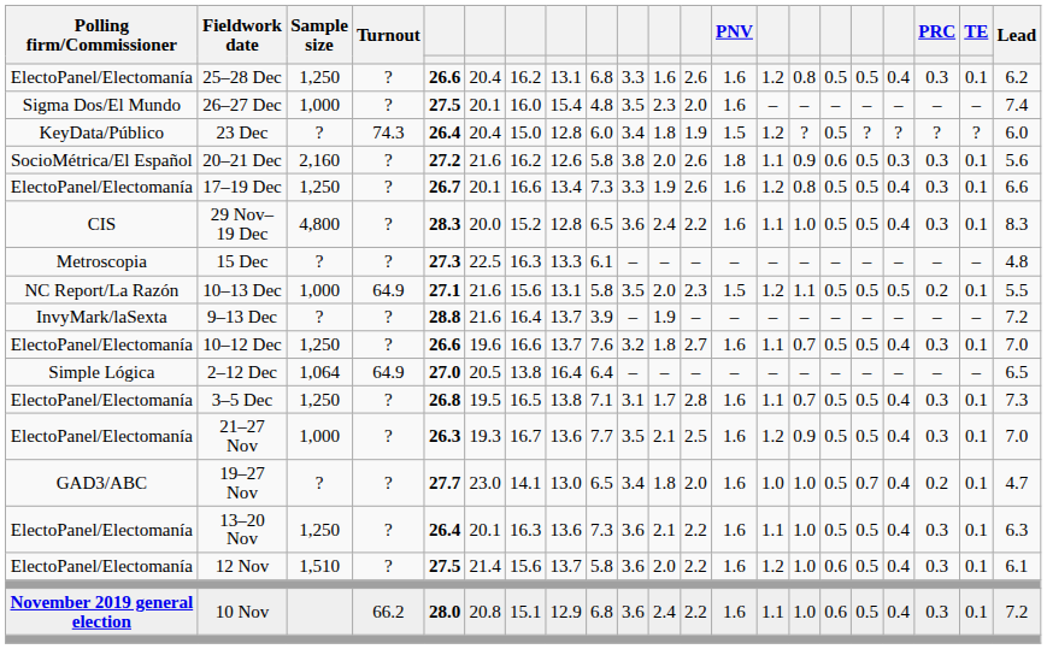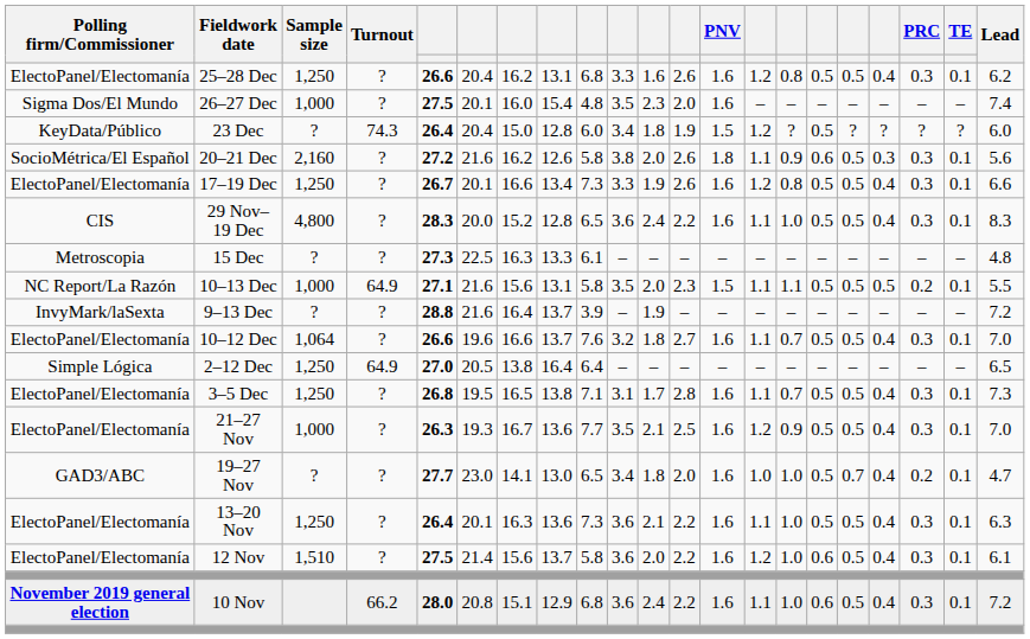 <table class="wikitable collapsible collapsed" style="text-align:center; font-size:95%; line-height:16px;">
 <tr style="height:42px;">
 <th style="width:250px;" rowspan="2">Polling firm/Commissioner</th>
 <th style="width:100px;" rowspan="2">Fieldwork date</th>
 <th style="width:50px;" rowspan="2">Sample size</th>
 <th style="width:45px;" rowspan="2">Turnout</th>
 <th style="width:43px;"></th>
 <th style="width:43px;"></th>
 <th style="width:35px;"></th>
 <th style="width:35px;"></th>
 <th style="width:35px;"></th>
 <th style="width:35px;"></th>
 <th style="width:35px;"></th>
 <th style="width:35px;"></th>
 <th style="width:35px;"><a href='#'>PNV</a></th>
 <th style="width:35px;"></th>
 <th style="width:35px;"></th>
 <th style="width:35px;"></th>
 <th style="width:35px;"></th>
 <th style="width:35px;"></th>
 <th style="width:35px;"><a href='#'>PRC</a></th>
 <th style="width:35px;"><a href='#'>TE</a></th>
 <th style="width:30px;" rowspan="2">Lead</th>
 </tr>
 <tr>
 <th style="color:inherit;background:"></th>
 <th style="color:inherit;background:"></th>
 <th style="color:inherit;background:"></th>
 <th style="color:inherit;background:"></th>
 <th style="color:inherit;background:"></th>
 <th style="color:inherit;background:"></th>
 <th style="color:inherit;background:"></th>
 <th style="color:inherit;background:"></th>
 <th style="color:inherit;background:"></th>
 <th style="color:inherit;background:"></th>
 <th style="color:inherit;background:"></th>
 <th style="color:inherit;background:"></th>
 <th style="color:inherit;background:"></th>
 <th style="color:inherit;background:"></th>
 <th style="color:inherit;background:"></th>
 <th style="color:inherit;background:"></th>
 </tr>
 <tr>
 <td>ElectoPanel/Electomanía</td>
 <td>25–28 Dec</td>
 <td>1,250</td>
 <td>?</td>
 <td><strong>26.6</strong><br></td>
 <td>20.4<br></td>
 <td>16.2<br></td>
 <td>13.1<br></td>
 <td>6.8<br></td>
 <td>3.3<br></td>
 <td>1.6<br></td>
 <td>2.6<br></td>
 <td>1.6<br></td>
 <td>1.2<br></td>
 <td>0.8<br></td>
 <td>0.5<br></td>
 <td>0.5<br></td>
 <td>0.4<br></td>
 <td>0.3<br></td>
 <td>0.1<br></td>
 <td style="background:">6.2</td>
 </tr>
 <tr>
 <td>Sigma Dos/El Mundo</td>
 <td>26–27 Dec</td>
 <td>1,000</td>
 <td>?</td>
 <td><strong>27.5</strong></td>
 <td>20.1</td>
 <td>16.0</td>
 <td>15.4</td>
 <td>4.8</td>
 <td>3.5</td>
 <td>2.3</td>
 <td>2.0</td>
 <td>1.6</td>
 <td>–</td>
 <td>–</td>
 <td>–</td>
 <td>–</td>
 <td>–</td>
 <td>–</td>
 <td>–</td>
 <td style="background:">7.4</td>
 </tr>
 <tr>
 <td>KeyData/Público</td>
 <td>23 Dec</td>
 <td>?</td>
 <td>74.3</td>
 <td><strong>26.4</strong><br></td>
 <td>20.4<br></td>
 <td>15.0<br></td>
 <td>12.8<br></td>
 <td>6.0<br></td>
 <td>3.4<br></td>
 <td>1.8<br></td>
 <td>1.9<br></td>
 <td>1.5<br></td>
 <td>1.2<br></td>
 <td>?<br></td>
 <td>0.5<br></td>
 <td>?<br></td>
 <td>?<br></td>
 <td>?<br></td>
 <td>?<br></td>
 <td style="background:">6.0</td>
 </tr>
 <tr>
 <td>SocioMétrica/El Español</td>
 <td>20–21 Dec</td>
 <td>2,160</td>
 <td>?</td>
 <td><strong>27.2</strong><br></td>
 <td>21.6<br></td>
 <td>16.2<br></td>
 <td>12.6<br></td>
 <td>5.8<br></td>
 <td>3.8<br></td>
 <td>2.0<br></td>
 <td>2.6<br></td>
 <td>1.8<br></td>
 <td>1.1<br></td>
 <td>0.9<br></td>
 <td>0.6<br></td>
 <td>0.5<br></td>
 <td>0.3<br></td>
 <td>0.3<br></td>
 <td>0.1<br></td>
 <td style="background:">5.6</td>
 </tr>
 <tr>
 <td>ElectoPanel/Electomanía</td>
 <td>17–19 Dec</td>
 <td>1,250</td>
 <td>?</td>
 <td><strong>26.7</strong><br></td>
 <td>20.1<br></td>
 <td>16.6<br></td>
 <td>13.4<br></td>
 <td>7.3<br></td>
 <td>3.3<br></td>
 <td>1.9<br></td>
 <td>2.6<br></td>
 <td>1.6<br></td>
 <td>1.2<br></td>
 <td>0.8<br></td>
 <td>0.5<br></td>
 <td>0.5<br></td>
 <td>0.4<br></td>
 <td>0.3<br></td>
 <td>0.1<br></td>
 <td style="background:">6.6</td>
 </tr>
 <tr>
 <td>CIS</td>
 <td>29 Nov–19 Dec</td>
 <td>4,800</td>
 <td>?</td>
 <td><strong>28.3</strong></td>
 <td>20.0</td>
 <td>15.2</td>
 <td>12.8</td>
 <td>6.5</td>
 <td>3.6</td>
 <td>2.4</td>
 <td>2.2</td>
 <td>1.6</td>
 <td>1.1</td>
 <td>1.0</td>
 <td>0.5</td>
 <td>0.5</td>
 <td>0.4</td>
 <td>0.3</td>
 <td>0.1</td>
 <td style="background:">8.3</td>
 </tr>
 <tr>
 <td>Metroscopia</td>
 <td>15 Dec</td>
 <td>?</td>
 <td>?</td>
 <td><strong>27.3</strong></td>
 <td>22.5</td>
 <td>16.3</td>
 <td>13.3</td>
 <td>6.1</td>
 <td>–</td>
 <td>–</td>
 <td>–</td>
 <td>–</td>
 <td>–</td>
 <td>–</td>
 <td>–</td>
 <td>–</td>
 <td>–</td>
 <td>–</td>
 <td>–</td>
 <td style="background:">4.8</td>
 </tr>
 <tr>
 <td>NC Report/La Razón</td>
 <td>10–13 Dec</td>
 <td>1,000</td>
 <td>64.9</td>
 <td><strong>27.1</strong><br></td>
 <td>21.6<br></td>
 <td>15.6<br></td>
 <td>13.1<br></td>
 <td>5.8<br></td>
 <td>3.5<br></td>
 <td>2.0<br></td>
 <td>2.3<br></td>
 <td>1.5<br></td>
-<td>1.2<br></td>
+<td>1.1<br></td>
 <td>1.1<br></td>
 <td>0.5<br></td>
 <td>0.5<br></td>
 <td>0.5<br></td>
 <td>0.2<br></td>
 <td>0.1<br></td>
 <td style="background:">5.5</td>
 </tr>
 <tr>
 <td>InvyMark/laSexta</td>
 <td>9–13 Dec</td>
 <td>?</td>
 <td>?</td>
 <td><strong>28.8</strong></td>
 <td>21.6</td>
 <td>16.4</td>
 <td>13.7</td>
 <td>3.9</td>
 <td>–</td>
 <td>1.9</td>
 <td>–</td>
 <td>–</td>
 <td>–</td>
 <td>–</td>
 <td>–</td>
 <td>–</td>
 <td>–</td>
 <td>–</td>
 <td>–</td>
 <td style="background:">7.2</td>
 </tr>
 <tr>
 <td>ElectoPanel/Electomanía</td>
 <td>10–12 Dec</td>
-<td>1,250</td>
+<td>1,064</td>
 <td>?</td>
 <td><strong>26.6</strong><br></td>
 <td>19.6<br></td>
 <td>16.6<br></td>
 <td>13.7<br></td>
 <td>7.6<br></td>
 <td>3.2<br></td>
 <td>1.8<br></td>
 <td>2.7<br></td>
 <td>1.6<br></td>
 <td>1.1<br></td>
 <td>0.7<br></td>
 <td>0.5<br></td>
 <td>0.5<br></td>
 <td>0.4<br></td>
 <td>0.3<br></td>
 <td>0.1<br></td>
 <td style="background:">7.0</td>
 </tr>
 <tr>
 <td>Simple Lógica</td>
 <td>2–12 Dec</td>
-<td>1,064</td>
+<td>1,250</td>
 <td>64.9</td>
 <td><strong>27.0</strong></td>
 <td>20.5</td>
 <td>13.8</td>
 <td>16.4</td>
 <td>6.4</td>
 <td>–</td>
 <td>–</td>
 <td>–</td>
 <td>–</td>
 <td>–</td>
 <td>–</td>
 <td>–</td>
 <td>–</td>
 <td>–</td>
 <td>–</td>
 <td>–</td>
 <td style="background:">6.5</td>
 </tr>
 <tr>
 <td>ElectoPanel/Electomanía</td>
 <td>3–5 Dec</td>
 <td>1,250</td>
 <td>?</td>
 <td><strong>26.8</strong><br></td>
 <td>19.5<br></td>
 <td>16.5<br></td>
 <td>13.8<br></td>
 <td>7.1<br></td>
 <td>3.1<br></td>
 <td>1.7<br></td>
 <td>2.8<br></td>
 <td>1.6<br></td>
 <td>1.1<br></td>
 <td>0.7<br></td>
 <td>0.5<br></td>
 <td>0.5<br></td>
 <td>0.4<br></td>
 <td>0.3<br></td>
 <td>0.1<br></td>
 <td style="background:">7.3</td>
 </tr>
 <tr>
 <td>ElectoPanel/Electomanía</td>
 <td>21–27 Nov</td>
 <td>1,000</td>
 <td>?</td>
 <td><strong>26.3</strong><br></td>
 <td>19.3<br></td>
 <td>16.7<br></td>
 <td>13.6<br></td>
 <td>7.7<br></td>
 <td>3.5<br></td>
 <td>2.1<br></td>
 <td>2.5<br></td>
 <td>1.6<br></td>
 <td>1.2<br></td>
 <td>0.9<br></td>
 <td>0.5<br></td>
 <td>0.5<br></td>
 <td>0.4<br></td>
 <td>0.3<br></td>
 <td>0.1<br></td>
 <td style="background:">7.0</td>
 </tr>
 <tr>
 <td>GAD3/ABC</td>
 <td>19–27 Nov</td>
 <td>?</td>
 <td>?</td>
 <td><strong>27.7</strong><br></td>
 <td>23.0<br></td>
 <td>14.1<br></td>
 <td>13.0<br></td>
 <td>6.5<br></td>
 <td>3.4<br></td>
 <td>1.8<br></td>
 <td>2.0<br></td>
 <td>1.6<br></td>
 <td>1.0<br></td>
 <td>1.0<br></td>
 <td>0.5<br></td>
 <td>0.7<br></td>
 <td>0.4<br></td>
 <td>0.2<br></td>
 <td>0.1<br></td>
 <td style="background:">4.7</td>
 </tr>
 <tr>
 <td>ElectoPanel/Electomanía</td>
 <td>13–20 Nov</td>
 <td>1,250</td>
 <td>?</td>
 <td><strong>26.4</strong><br></td>
 <td>20.1<br></td>
 <td>16.3<br></td>
 <td>13.6<br></td>
 <td>7.3<br></td>
 <td>3.6<br></td>
 <td>2.1<br></td>
 <td>2.2<br></td>
 <td>1.6<br></td>
 <td>1.1<br></td>
 <td>1.0<br></td>
 <td>0.5<br></td>
 <td>0.5<br></td>
 <td>0.4<br></td>
 <td>0.3<br></td>
 <td>0.1<br></td>
 <td style="background:">6.3</td>
 </tr>
 <tr>
 <td>ElectoPanel/Electomanía</td>
 <td>12 Nov</td>
 <td>1,510</td>
 <td>?</td>
 <td><strong>27.5</strong><br></td>
 <td>21.4<br></td>
 <td>15.6<br></td>
 <td>13.7<br></td>
 <td>5.8<br></td>
 <td>3.6<br></td>
 <td>2.0<br></td>
 <td>2.2<br></td>
 <td>1.6<br></td>
 <td>1.2<br></td>
 <td>1.0<br></td>
 <td>0.6<br></td>
 <td>0.5<br></td>
 <td>0.4<br></td>
 <td>0.3<br></td>
 <td>0.1<br></td>
 <td style="background:">6.1</td>
 </tr>
 <tr>
 <td colspan="21" style="background:#A0A0A0"></td>
 </tr>
 <tr style="background:#EFEFEF;">
 <td><strong><a href='#'>November 2019 general election</a></strong></td>
 <td>10 Nov</td>
 <td></td>
 <td>66.2</td>
 <td><strong>28.0</strong><br></td>
 <td>20.8<br></td>
 <td>15.1<br></td>
 <td>12.9<br></td>
 <td>6.8<br></td>
 <td>3.6<br></td>
 <td>2.4<br></td>
 <td>2.2<br></td>
 <td>1.6<br></td>
 <td>1.1<br></td>
 <td>1.0<br></td>
 <td>0.6<br></td>
 <td>0.5<br></td>
 <td>0.4<br></td>
 <td>0.3<br></td>
 <td>0.1<br></td>
 <td style="background:">7.2</td>
 </tr>
 <tr>
 <td colspan="21" style="background:#A0A0A0"></td>
 </tr>
 </table>
